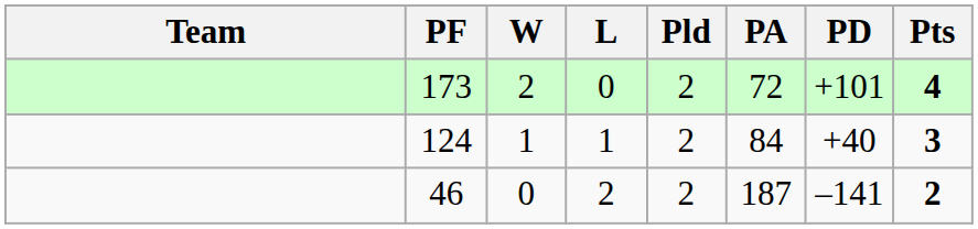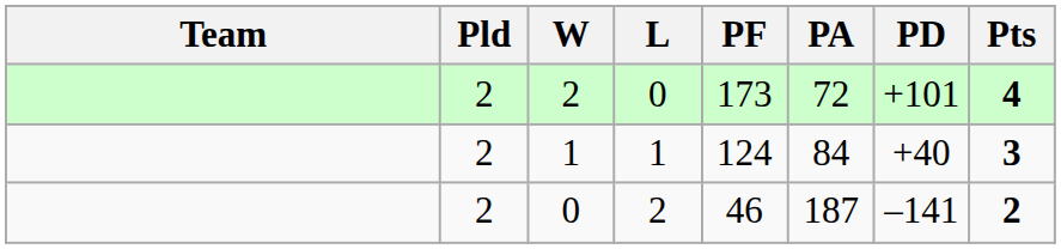 <table class=wikitable style="text-align:center">
 <tr>
 <th width=180>Team</th>
-<th width=30>PF</th>
+<th width=30>Pld</th>
 <th width=30>W</th>
 <th width=30>L</th>
-<th width=30>Pld</th>
+<th width=30>PF</th>
 <th width=30>PA</th>
 <th width=30>PD</th>
 <th width=30>Pts</th>
 </tr>
 <tr bgcolor="#ccffcc">
 <td align=left></td>
-<td>173</td>
+<td>2</td>
 <td>2</td>
 <td>0</td>
-<td>2</td>
+<td>173</td>
 <td>72</td>
 <td>+101</td>
 <td><strong>4</strong></td>
 </tr>
 <tr>
 <td align=left></td>
-<td>124</td>
+<td>2</td>
 <td>1</td>
 <td>1</td>
-<td>2</td>
+<td>124</td>
 <td>84</td>
 <td>+40</td>
 <td><strong>3</strong></td>
 </tr>
 <tr>
 <td align=left></td>
-<td>46</td>
+<td>2</td>
 <td>0</td>
 <td>2</td>
-<td>2</td>
+<td>46</td>
 <td>187</td>
 <td>–141</td>
 <td><strong>2</strong></td>
 </tr>
 </table>
